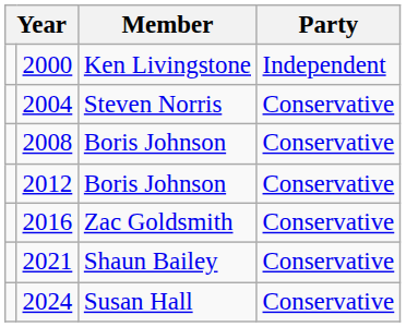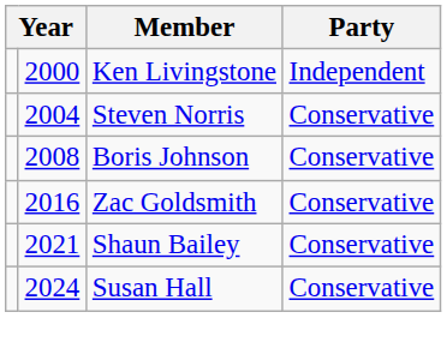 <table class="wikitable">
 <tr>
 <th colspan="2">Year</th>
 <th>Member</th>
 <th>Party</th>
 </tr>
 <tr>
 <td style="background-color: "></td>
 <td><a href='#'>2000</a></td>
 <td><a href='#'>Ken Livingstone</a></td>
 <td><a href='#'>Independent</a></td>
 </tr>
 <tr>
 <td style="background-color: "></td>
 <td><a href='#'>2004</a></td>
 <td><a href='#'>Steven Norris</a></td>
 <td><a href='#'>Conservative</a></td>
 </tr>
 <tr>
 <td style="background-color: "></td>
 <td><a href='#'>2008</a></td>
 <td><a href='#'>Boris Johnson</a></td>
 <td><a href='#'>Conservative</a></td>
 </tr>
 <tr>
 <td style="background-color: "></td>
-<td><a href='#'>2012</a></td>
-<td><a href='#'>Boris Johnson</a></td>
-<td><a href='#'>Conservative</a></td>
-</tr>
-<tr>
-<td style="background-color: "></td>
 <td><a href='#'>2016</a></td>
 <td><a href='#'>Zac Goldsmith</a></td>
 <td><a href='#'>Conservative</a></td>
 </tr>
 <tr>
 <td style="background-color: "></td>
 <td><a href='#'>2021</a></td>
 <td><a href='#'>Shaun Bailey</a></td>
 <td><a href='#'>Conservative</a></td>
 </tr>
 <tr>
 <td style="background-color: "></td>
 <td><a href='#'>2024</a></td>
 <td><a href='#'>Susan Hall</a></td>
 <td><a href='#'>Conservative</a></td>
 </tr>
 </table>
